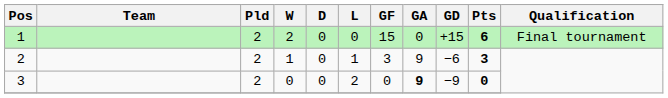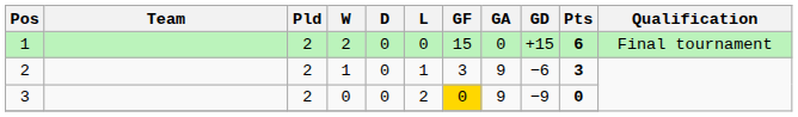 <table class="wikitable" border="1" style="text-align: center;">
 <tr>
 <th width="25"><abbr>Pos</abbr></th>
 <th width="190">Team</th>
 <th width="25"><abbr>Pld</abbr></th>
 <th width="25"><abbr>W</abbr></th>
 <th width="25"><abbr>D</abbr></th>
 <th width="25"><abbr>L</abbr></th>
 <th width="25"><abbr>GF</abbr></th>
 <th width="25"><abbr>GA</abbr></th>
 <th width="25"><abbr>GD</abbr></th>
 <th width="25"><abbr>Pts</abbr></th>
 <th width="150">Qualification</th>
 </tr>
 <tr bgcolor = #BBF3BB>
 <td>1</td>
 <td align="left"></td>
 <td>2</td>
 <td>2</td>
 <td>0</td>
 <td>0</td>
 <td>15</td>
 <td>0</td>
 <td>+15</td>
 <td><strong>6</strong></td>
 <td>Final tournament</td>
 </tr>
 <tr>
 <td>2</td>
 <td align="left"></td>
 <td>2</td>
 <td>1</td>
 <td>0</td>
 <td>1</td>
 <td>3</td>
 <td>9</td>
 <td>−6</td>
 <td><strong>3</strong></td>
 </tr>
 <tr>
 <td>3</td>
 <td align="left"></td>
 <td>2</td>
 <td>0</td>
 <td>0</td>
 <td>2</td>
-<td>0</td>
-<td><strong>9</strong></td>
+<td style="background: gold;">0</td>
+<td>9</td>
 <td>−9</td>
 <td><strong>0</strong></td>
 </tr>
 <tr>
 </tr>
 </table>
